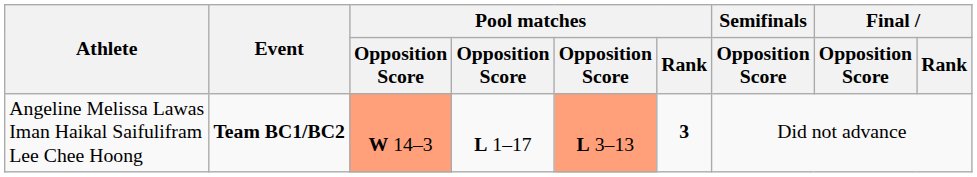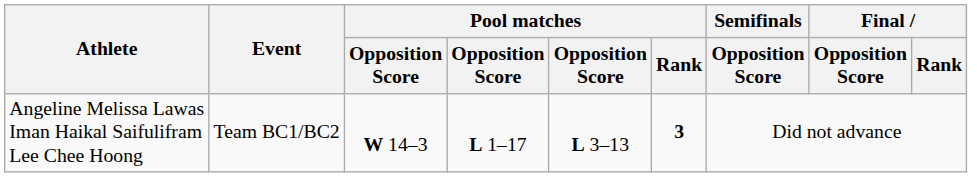 <table class=wikitable style="font-size:90%">
 <tr>
 <th rowspan="2">Athlete</th>
 <th rowspan="2">Event</th>
 <th colspan="4">Pool matches</th>
 <th>Semifinals</th>
 <th colspan=2>Final / </th>
 </tr>
 <tr>
 <th>Opposition<br>Score</th>
 <th>Opposition<br>Score</th>
 <th>Opposition<br>Score</th>
 <th>Rank</th>
 <th>Opposition<br>Score</th>
 <th>Opposition<br>Score</th>
 <th>Rank</th>
 </tr>
 <tr align=center>
 <td align=left>Angeline Melissa Lawas<br>Iman Haikal Saifulifram<br>Lee Chee Hoong</td>
-<td align=left><strong>Team BC1/BC2</strong></td>
-<td style="background: lightsalmon;"><br><strong>W</strong> 14–3</td>
+<td align=left>Team BC1/BC2</td>
+<td><br><strong>W</strong> 14–3</td>
 <td><br><strong>L</strong> 1–17</td>
-<td style="background: lightsalmon;"><br><strong>L</strong> 3–13</td>
+<td><br><strong>L</strong> 3–13</td>
 <td><strong>3</strong></td>
 <td colspan="3">Did not advance</td>
 </tr>
 </table>
